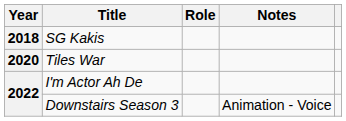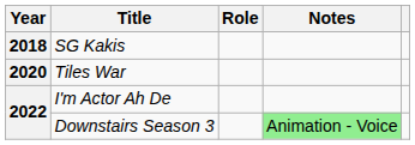 <table class="wikitable sortable plainrowheaders">
 <tr>
 <th scope="col">Year</th>
 <th scope="col">Title</th>
 <th scope="col">Role</th>
 <th scope="col" class="unsortable">Notes</th>
 <th scope="col" class="unsortable"></th>
 </tr>
 <tr>
 <th scope="row">2018</th>
 <td><em>SG Kakis</em></td>
 <td></td>
 <td></td>
 <td></td>
 </tr>
 <tr>
 <th scope="row">2020</th>
 <td><em>Tiles War</em></td>
 <td></td>
 <td></td>
 <td></td>
 </tr>
 <tr>
 <th scope="row" rowspan="2">2022</th>
 <td><em>I'm Actor Ah De</em></td>
 <td></td>
 <td></td>
 <td></td>
 </tr>
 <tr>
 <td><em>Downstairs Season 3</em></td>
 <td></td>
-<td>Animation - Voice</td>
+<td style="background: lightgreen;">Animation - Voice</td>
 </tr>
 </table>
